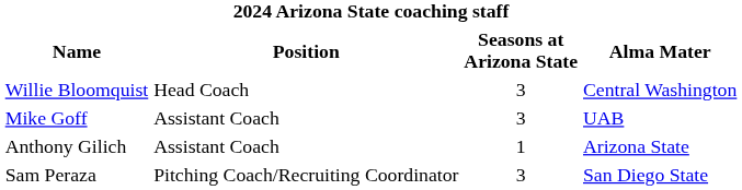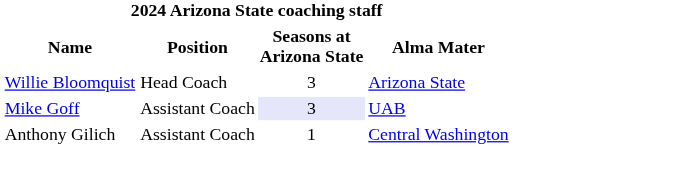 <table class="toccolours" style="border-collapse; font-size:90%;">
 <tr>
 <th colspan="4">2024 Arizona State coaching staff</th>
 </tr>
 <tr>
 <th>Name</th>
 <th>Position</th>
 <th>Seasons at<br>Arizona State</th>
 <th>Alma Mater</th>
 </tr>
 <tr>
 <td><a href='#'>Willie Bloomquist</a></td>
 <td>Head Coach</td>
 <td align=center>3</td>
-<td><a href='#'>Central Washington</a></td>
+<td><a href='#'>Arizona State</a></td>
 </tr>
 <tr>
 <td><a href='#'>Mike Goff</a></td>
 <td>Assistant Coach</td>
-<td align=center>3</td>
+<td align=center style="background: lavender;">3</td>
 <td><a href='#'>UAB</a></td>
 </tr>
 <tr>
 <td>Anthony Gilich</td>
 <td>Assistant Coach</td>
 <td align=center>1</td>
-<td><a href='#'>Arizona State</a></td>
-</tr>
-<tr>
-<td>Sam Peraza</td>
-<td>Pitching Coach/Recruiting Coordinator</td>
-<td align=center>3</td>
-<td><a href='#'>San Diego State</a></td>
+<td><a href='#'>Central Washington</a></td>
 </tr>
 </table>
